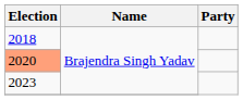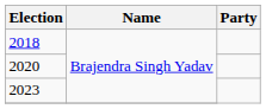 <table class="wikitable sortable">
 <tr>
 <th>Election</th>
 <th>Name</th>
 <th colspan=2>Party</th>
 </tr>
 <tr>
 <td><a href='#'>2018</a></td>
 <td rowspan=3><a href='#'>Brajendra Singh Yadav</a></td>
 <td></td>
 </tr>
 <tr>
-<td style="background: lightsalmon;">2020</td>
+<td>2020</td>
 <td></td>
 </tr>
 <tr>
 <td>2023</td>
 </tr>
 <tr>
 </tr>
 </table>
